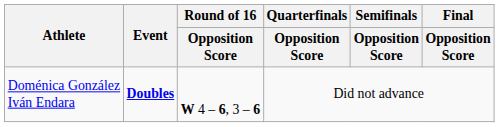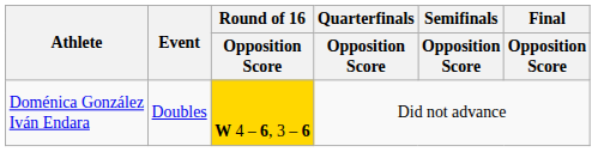 <table class="wikitable" border="1" style="font-size:90%">
 <tr>
 <th rowspan=2>Athlete</th>
 <th rowspan=2>Event</th>
 <th>Round of 16</th>
 <th>Quarterfinals</th>
 <th>Semifinals</th>
 <th>Final</th>
 </tr>
 <tr>
 <th>Opposition<br>Score</th>
 <th>Opposition<br>Score</th>
 <th>Opposition<br>Score</th>
 <th>Opposition<br>Score</th>
 </tr>
 <tr>
 <td><a href='#'>Doménica González</a><br><a href='#'>Iván Endara</a></td>
-<td><strong><a href='#'>Doubles</a></strong></td>
-<td align=center><br><br><strong>W</strong> 4 – <strong>6</strong>, 3 – <strong>6</strong></td>
+<td><a href='#'>Doubles</a></td>
+<td align=center style="background: gold;"><br><br><strong>W</strong> 4 – <strong>6</strong>, 3 – <strong>6</strong></td>
 <td align="center" colspan="7">Did not advance</td>
 </tr>
 </table>
